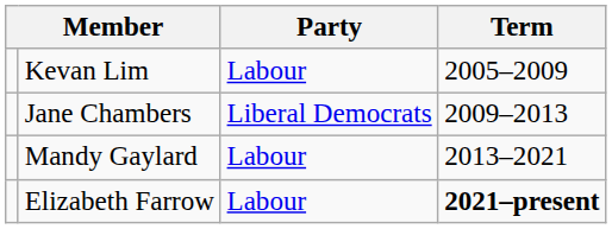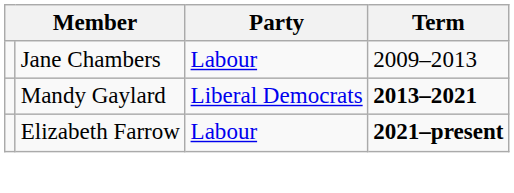 <table class="wikitable">
 <tr>
 <th colspan="2">Member</th>
 <th>Party</th>
 <th>Term</th>
 </tr>
 <tr>
 <td style="background-color: "></td>
-<td>Kevan Lim</td>
+<td>Jane Chambers</td>
 <td><a href='#'>Labour</a></td>
-<td>2005–2009</td>
-</tr>
-<tr>
-<td style="background-color: "></td>
-<td>Jane Chambers</td>
-<td><a href='#'>Liberal Democrats</a></td>
 <td>2009–2013</td>
 </tr>
 <tr>
 <td style="background-color: "></td>
 <td>Mandy Gaylard</td>
-<td><a href='#'>Labour</a></td>
-<td>2013–2021</td>
+<td><a href='#'>Liberal Democrats</a></td>
+<td><strong>2013–2021</strong></td>
 </tr>
 <tr>
 <td style="background-color: "></td>
 <td>Elizabeth Farrow</td>
 <td><a href='#'>Labour</a></td>
 <td><strong>2021–present</strong></td>
 </tr>
 </table>
